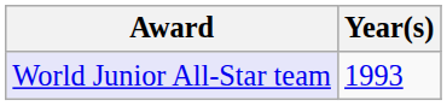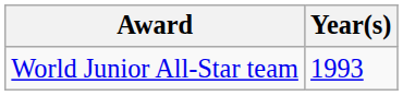 <table class="wikitable">
 <tr>
 <th>Award</th>
 <th>Year(s)</th>
 </tr>
 <tr>
-<td style="background: lavender;"><a href='#'>World Junior All-Star team</a></td>
+<td><a href='#'>World Junior All-Star team</a></td>
 <td><a href='#'>1993</a></td>
 </tr>
 </table>
